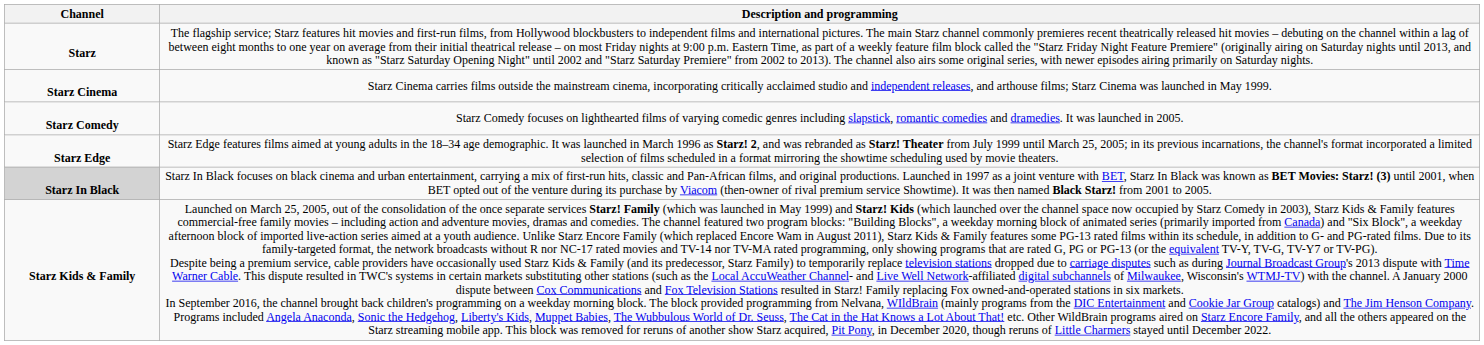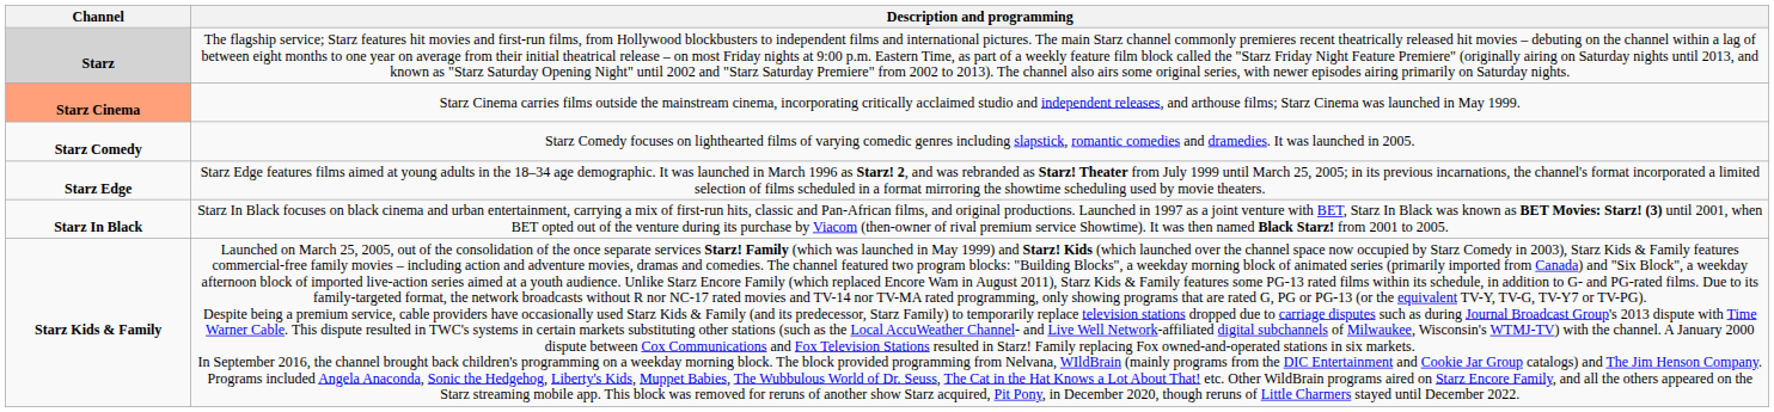 <table class="wikitable" style="text-align: center; width="100%">
 <tr>
 <th>Channel</th>
 <th>Description and programming</th>
 </tr>
 <tr>
-<td width="200" align="center"><br><strong>Starz</strong></td>
+<td width="200" align="center" style="background: lightgrey;"><br><strong>Starz</strong></td>
 <td>The flagship service; Starz features hit movies and first-run films, from Hollywood blockbusters to independent films and international pictures. The main Starz channel commonly premieres recent theatrically released hit movies – debuting on the channel within a lag of between eight months to one year on average from their initial theatrical release – on most Friday nights at 9:00 p.m. Eastern Time, as part of a weekly feature film block called the "Starz Friday Night Feature Premiere" (originally airing on Saturday nights until 2013, and known as "Starz Saturday Opening Night" until 2002 and "Starz Saturday Premiere" from 2002 to 2013). The channel also airs some original series, with newer episodes airing primarily on Saturday nights.</td>
 </tr>
 <tr>
-<td width="200" align="center"><br><strong>Starz Cinema</strong></td>
+<td width="200" align="center" style="background: lightsalmon;"><br><strong>Starz Cinema</strong></td>
 <td>Starz Cinema carries films outside the mainstream cinema, incorporating critically acclaimed studio and <a href='#'>independent releases</a>, and arthouse films; Starz Cinema was launched in May 1999.</td>
 </tr>
 <tr>
 <td width="200" align="center"><br><strong>Starz Comedy</strong></td>
 <td>Starz Comedy focuses on lighthearted films of varying comedic genres including <a href='#'>slapstick</a>, <a href='#'>romantic comedies</a> and <a href='#'>dramedies</a>. It was launched in 2005.</td>
 </tr>
 <tr>
 <td width="200" align="center"><br><strong>Starz Edge</strong></td>
 <td>Starz Edge features films aimed at young adults in the 18–34 age demographic. It was launched in March 1996 as <strong>Starz! 2</strong>, and was rebranded as <strong>Starz! Theater</strong> from July 1999 until March 25, 2005; in its previous incarnations, the channel's format incorporated a limited selection of films scheduled in a format mirroring the showtime scheduling used by movie theaters.</td>
 </tr>
 <tr>
-<td width="200" align="center" style="background: lightgrey;"><br><strong>Starz In Black</strong></td>
+<td width="200" align="center"><br><strong>Starz In Black</strong></td>
 <td>Starz In Black focuses on black cinema and urban entertainment, carrying a mix of first-run hits, classic and Pan-African films, and original productions. Launched in 1997 as a joint venture with <a href='#'>BET</a>, Starz In Black was known as <strong>BET Movies: Starz! (3)</strong> until 2001, when BET opted out of the venture during its purchase by <a href='#'>Viacom</a> (then-owner of rival premium service Showtime). It was then named <strong>Black Starz!</strong> from 2001 to 2005.</td>
 </tr>
 <tr>
 <td width="200" align="center"><br><strong>Starz Kids & Family</strong></td>
 <td>Launched on March 25, 2005, out of the consolidation of the once separate services <strong>Starz! Family</strong> (which was launched in May 1999) and <strong>Starz! Kids</strong> (which launched over the channel space now occupied by Starz Comedy in 2003), Starz Kids & Family features commercial-free family movies – including action and adventure movies, dramas and comedies. The channel featured two program blocks: "Building Blocks", a weekday morning block of animated series (primarily imported from <a href='#'>Canada</a>) and "Six Block", a weekday afternoon block of imported live-action series aimed at a youth audience. Unlike Starz Encore Family (which replaced Encore Wam in August 2011), Starz Kids & Family features some PG-13 rated films within its schedule, in addition to G- and PG-rated films. Due to its family-targeted format, the network broadcasts without R nor NC-17 rated movies and TV-14 nor TV-MA rated programming, only showing programs that are rated G, PG or PG-13 (or the <a href='#'>equivalent</a> TV-Y, TV-G, TV-Y7 or TV-PG).<br>Despite being a premium service, cable providers have occasionally used Starz Kids & Family (and its predecessor, Starz Family) to temporarily replace <a href='#'>television stations</a> dropped due to <a href='#'>carriage disputes</a> such as during <a href='#'>Journal Broadcast Group</a>'s 2013 dispute with <a href='#'>Time Warner Cable</a>. This dispute resulted in TWC's systems in certain markets substituting other stations (such as the <a href='#'>Local AccuWeather Channel</a>- and <a href='#'>Live Well Network</a>-affiliated <a href='#'>digital subchannels</a> of <a href='#'>Milwaukee</a>, Wisconsin's <a href='#'>WTMJ-TV</a>) with the channel. A January 2000 dispute between <a href='#'>Cox Communications</a> and <a href='#'>Fox Television Stations</a> resulted in Starz! Family replacing Fox owned-and-operated stations in six markets.<br>In September 2016, the channel brought back children's programming on a weekday morning block. The block provided programming from Nelvana, <a href='#'>WIldBrain</a> (mainly programs from the <a href='#'>DIC Entertainment</a> and <a href='#'>Cookie Jar Group</a> catalogs) and <a href='#'>The Jim Henson Company</a>. Programs included <a href='#'>Angela Anaconda</a>, <a href='#'>Sonic the Hedgehog</a>, <a href='#'>Liberty's Kids</a>, <a href='#'>Muppet Babies</a>, <a href='#'>The Wubbulous World of Dr. Seuss</a>, <a href='#'>The Cat in the Hat Knows a Lot About That!</a> etc. Other WildBrain programs aired on <a href='#'>Starz Encore Family</a>, and all the others appeared on the Starz streaming mobile app. This block was removed for reruns of another show Starz acquired, <a href='#'>Pit Pony</a>, in December 2020, though reruns of <a href='#'>Little Charmers</a> stayed until December 2022.</td>
 </tr>
 </table>
